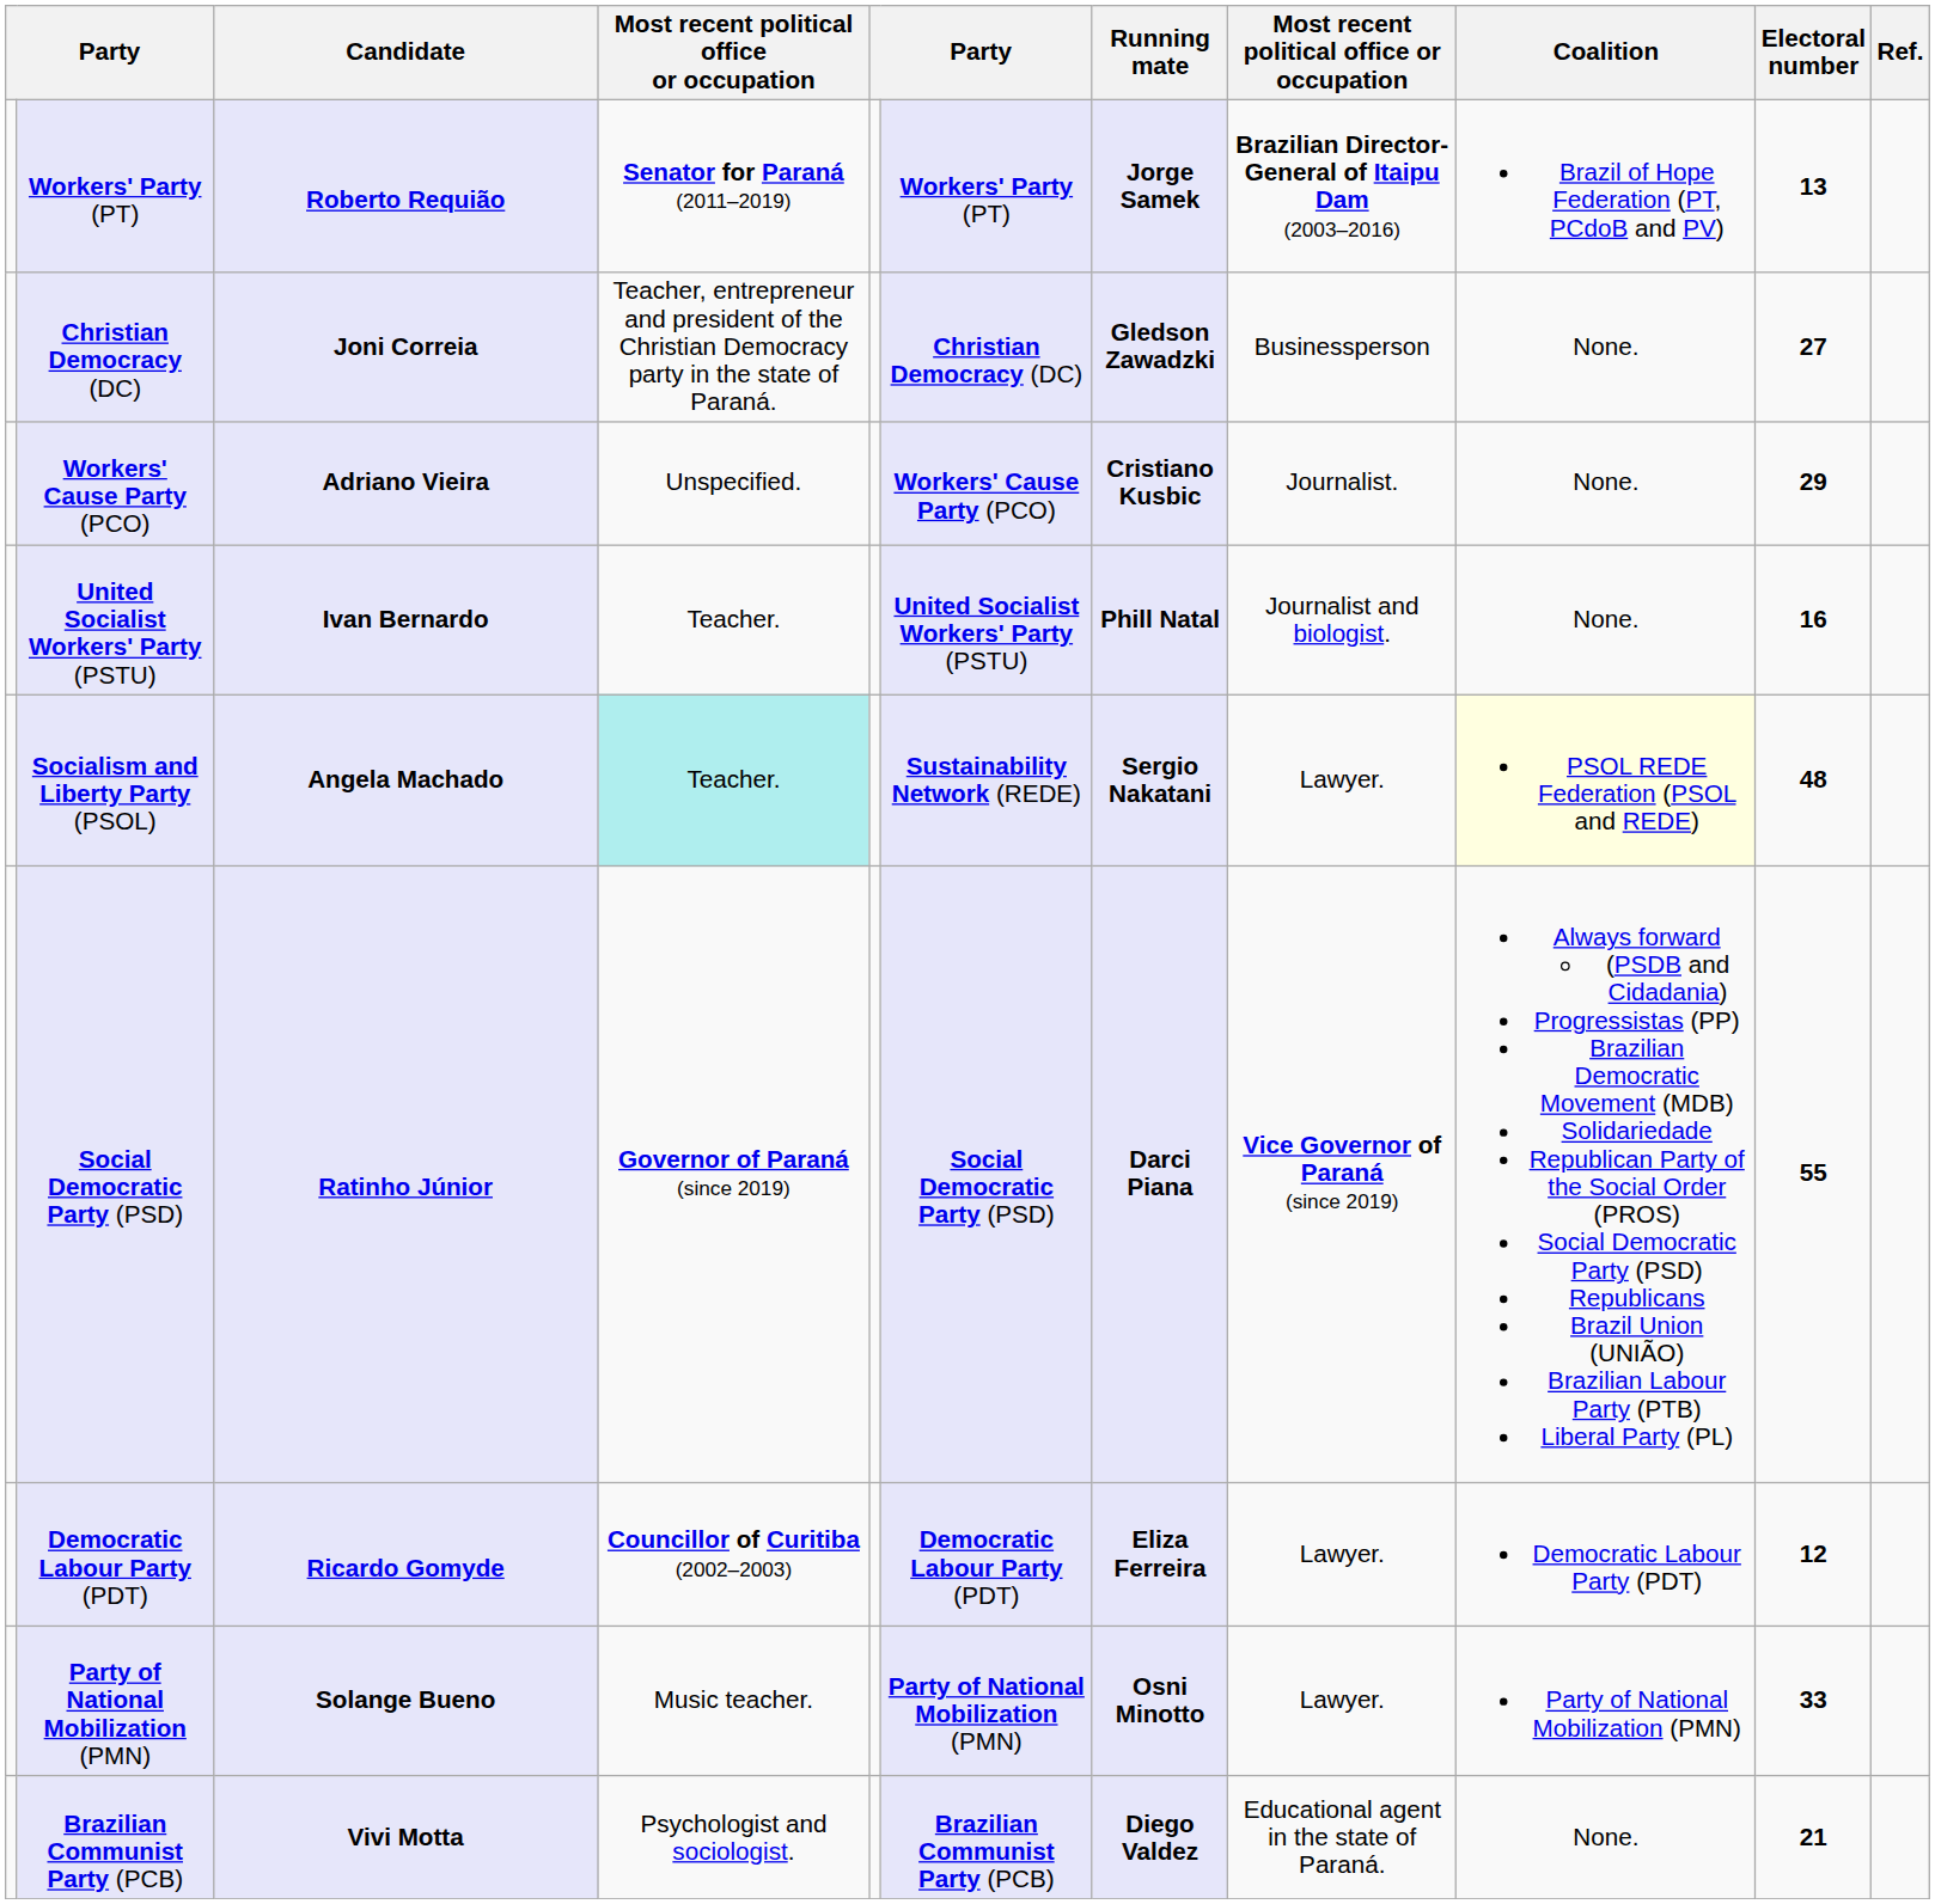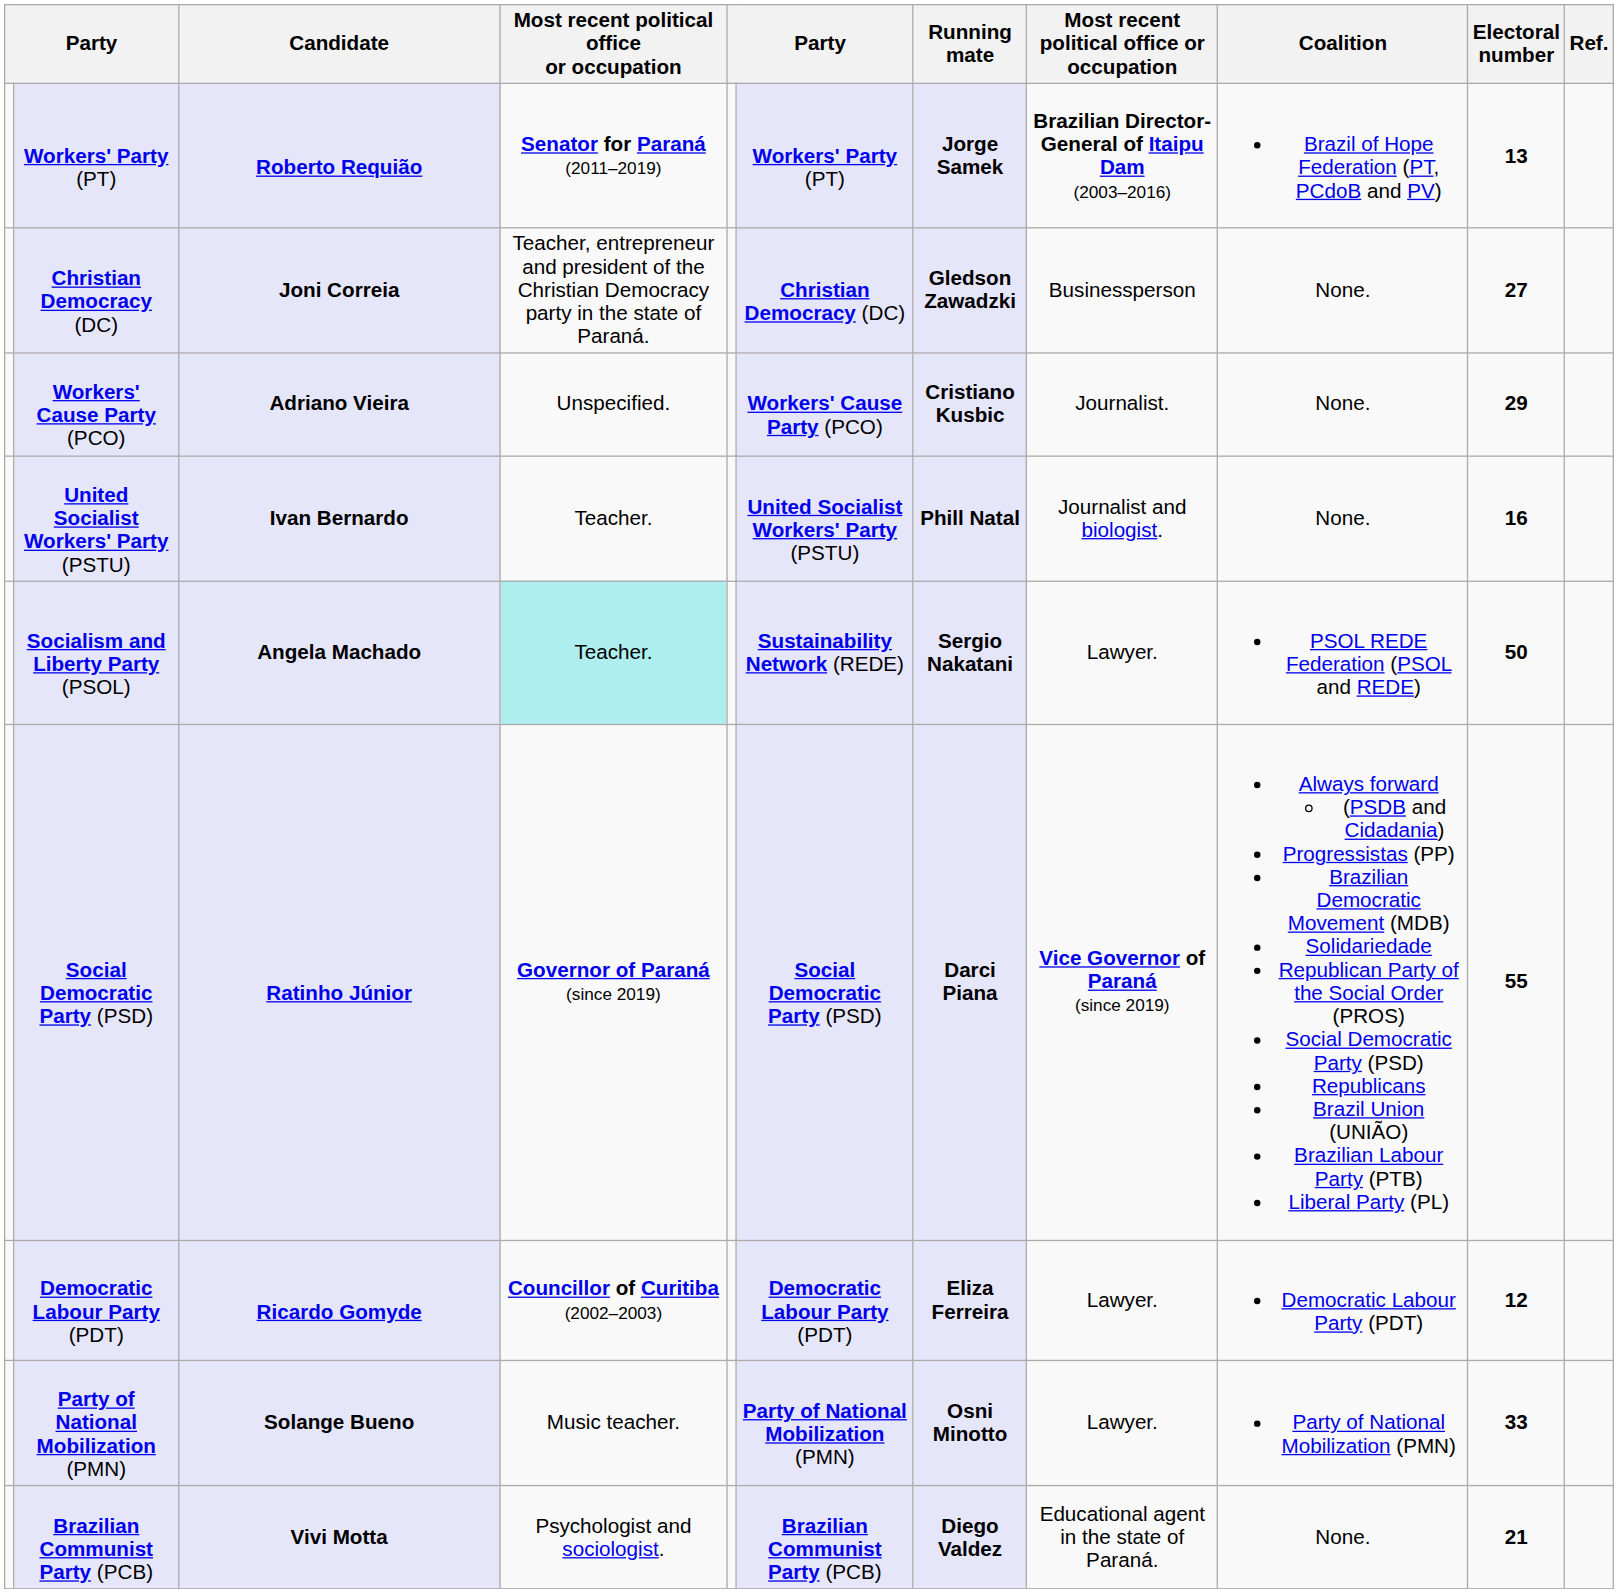 <table class="wikitable" style="text-align:center;">
 <tr>
 <th colspan="2">Party</th>
 <th style="width:20%;">Candidate</th>
 <th>Most recent political office <br>or occupation</th>
 <th colspan="2">Party</th>
 <th>Running mate</th>
 <th>Most recent political office or occupation</th>
 <th>Coalition</th>
 <th>Electoral <br>number</th>
 <th>Ref.</th>
 </tr>
 <tr>
 <td style="background-color:"></td>
 <td style="background:lavender;"><br><a href='#'><strong>Workers' Party</strong></a> (PT)</td>
 <td style="background:lavender;"><br><strong><a href='#'>Roberto Requião</a></strong></td>
 <td><strong><a href='#'>Senator</a> for <a href='#'>Paraná</a></strong><br><small>(2011–2019)</small></td>
 <td style="background-color:"></td>
 <td style="background:lavender;"><br><a href='#'><strong>Workers' Party</strong></a> (PT)</td>
 <td style="background:lavender;"><strong>Jorge Samek</strong></td>
 <td><strong>Brazilian Director-General of <a href='#'>Itaipu Dam</a></strong><br><small>(2003–2016)</small></td>
 <td><br><ul><li><a href='#'>Brazil of Hope Federation</a> (<a href='#'>PT</a>, <a href='#'>PCdoB</a> and <a href='#'>PV</a>)</li></ul></td>
 <td><strong>13</strong></td>
 <td></td>
 </tr>
 <tr>
 <td style="background-color:"></td>
 <td style="background:lavender;"><br><strong><a href='#'>Christian Democracy</a></strong> (DC)</td>
 <td style="background:lavender;"><strong>Joni Correia</strong></td>
 <td>Teacher, entrepreneur and president of the Christian Democracy party in the state of Paraná.</td>
 <td style="background-color:"></td>
 <td style="background:lavender;"><br><strong><a href='#'>Christian Democracy</a></strong> (DC)</td>
 <td style="background:lavender;"><strong>Gledson Zawadzki</strong></td>
 <td>Businessperson</td>
 <td>None.</td>
 <td><strong>27</strong></td>
 <td></td>
 </tr>
 <tr>
 <td style="background-color:"></td>
 <td style="background:lavender;"><br><strong><a href='#'>Workers' Cause Party</a></strong> (PCO)</td>
 <td style="background:lavender;"><strong>Adriano Vieira</strong></td>
 <td>Unspecified.</td>
 <td style="background-color:"></td>
 <td style="background:lavender;"><br><strong><a href='#'>Workers' Cause Party</a></strong> (PCO)</td>
 <td style="background:lavender;"><strong>Cristiano Kusbic</strong></td>
 <td>Journalist.</td>
 <td>None.</td>
 <td><strong>29</strong></td>
 <td></td>
 </tr>
 <tr>
 <td style="background-color:"></td>
 <td style="background:lavender;"><br><strong><a href='#'>United Socialist Workers' Party</a></strong> (PSTU)</td>
 <td style="background:lavender;"><strong>Ivan Bernardo</strong></td>
 <td>Teacher.</td>
 <td style="background-color:"></td>
 <td style="background:lavender;"><br><strong><a href='#'>United Socialist Workers' Party</a></strong> (PSTU)</td>
 <td style="background:lavender;"><strong>Phill Natal</strong></td>
 <td>Journalist and <a href='#'>biologist</a>.</td>
 <td>None.</td>
 <td><strong>16</strong></td>
 <td></td>
 </tr>
 <tr>
 <td style="background-color:"></td>
 <td style="background:lavender;"><br><strong><a href='#'>Socialism and Liberty Party</a></strong> (PSOL)</td>
 <td style="background:lavender;"><strong>Angela Machado</strong></td>
 <td style="background: paleturquoise;">Teacher.</td>
 <td style="background-color:"></td>
 <td style="background:lavender;"><strong><a href='#'>Sustainability Network</a></strong> (REDE)</td>
 <td style="background:lavender;"><strong>Sergio Nakatani</strong></td>
 <td>Lawyer.</td>
-<td style="background: lightyellow;"><br><ul><li><a href='#'>PSOL REDE Federation</a> (<a href='#'>PSOL</a> and <a href='#'>REDE</a>)</li></ul></td>
-<td><strong>48</strong></td>
+<td><br><ul><li><a href='#'>PSOL REDE Federation</a> (<a href='#'>PSOL</a> and <a href='#'>REDE</a>)</li></ul></td>
+<td><strong>50</strong></td>
 <td></td>
 </tr>
 <tr>
 <td style="background-color:"></td>
 <td style="background:lavender;"><br><strong><a href='#'>Social Democratic Party</a></strong> (PSD)</td>
 <td style="background:lavender;"><br><strong><a href='#'>Ratinho Júnior</a></strong></td>
 <td><strong><a href='#'>Governor of Paraná</a></strong><br><small>(since 2019)</small></td>
 <td style="background-color:"></td>
 <td style="background:lavender;"><br><strong><a href='#'>Social Democratic Party</a></strong> (PSD)</td>
 <td style="background:lavender;"><strong>Darci Piana</strong></td>
 <td><strong><a href='#'>Vice Governor</a> of <a href='#'>Paraná</a></strong><br><small>(since 2019)</small></td>
 <td><br><ul><li><a href='#'>Always forward</a><ul><li>(<a href='#'>PSDB</a> and <a href='#'>Cidadania</a>)</li></ul></li><li><a href='#'>Progressistas</a> (PP)</li><li><a href='#'>Brazilian Democratic Movement</a> (MDB)</li><li><a href='#'>Solidariedade</a></li><li><a href='#'>Republican Party of the Social Order</a> (PROS)</li><li><a href='#'>Social Democratic Party</a> (PSD)</li><li><a href='#'>Republicans</a></li><li><a href='#'>Brazil Union</a> (UNIÃO)</li><li><a href='#'>Brazilian Labour Party</a> (PTB)</li><li><a href='#'>Liberal Party</a> (PL)</li></ul></td>
 <td><strong>55</strong></td>
 <td></td>
 </tr>
 <tr>
 <td style="background-color:"></td>
 <td style="background:lavender;"><br><strong><a href='#'>Democratic Labour Party</a></strong> (PDT)</td>
 <td style="background:lavender;"><br><strong><a href='#'>Ricardo Gomyde</a></strong></td>
 <td><strong><a href='#'>Councillor</a> of <a href='#'>Curitiba</a></strong><br><small>(2002–2003)</small></td>
 <td style="background-color:"></td>
 <td style="background:lavender;"><br><strong><a href='#'>Democratic Labour Party</a></strong> (PDT)</td>
 <td style="background:lavender;"><strong>Eliza Ferreira</strong></td>
 <td>Lawyer.</td>
 <td><br><ul><li><a href='#'>Democratic Labour Party</a> (PDT)</li></ul></td>
 <td><strong>12</strong></td>
 <td></td>
 </tr>
 <tr>
 <td style="background-color:"></td>
 <td style="background:lavender;"><br><strong><a href='#'>Party of National Mobilization</a></strong> (PMN)</td>
 <td style="background:lavender;"><strong>Solange Bueno</strong></td>
 <td>Music teacher.</td>
 <td style="background-color:"></td>
 <td style="background:lavender;"><br><strong><a href='#'>Party of National Mobilization</a></strong> (PMN)</td>
 <td style="background:lavender;"><strong>Osni Minotto</strong></td>
 <td>Lawyer.</td>
 <td><br><ul><li><a href='#'>Party of National Mobilization</a> (PMN)</li></ul></td>
 <td><strong>33</strong></td>
 <td></td>
 </tr>
 <tr>
 <td style="background-color:"></td>
 <td style="background:lavender;"><br><strong><a href='#'>Brazilian Communist Party</a></strong> (PCB)</td>
 <td style="background:lavender;"><strong>Vivi Motta</strong></td>
 <td>Psychologist and <a href='#'>sociologist</a>.</td>
 <td style="background-color:"></td>
 <td style="background:lavender;"><br><strong><a href='#'>Brazilian Communist Party</a></strong> (PCB)</td>
 <td style="background:lavender;"><strong>Diego Valdez</strong></td>
 <td>Educational agent in the state of Paraná.</td>
 <td>None.</td>
 <td><strong>21</strong></td>
 <td></td>
 </tr>
 </table>
